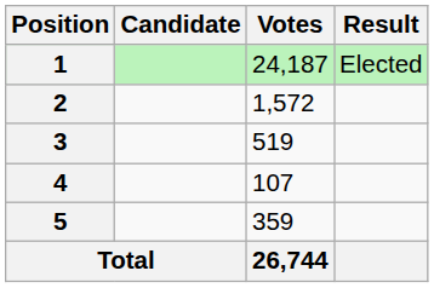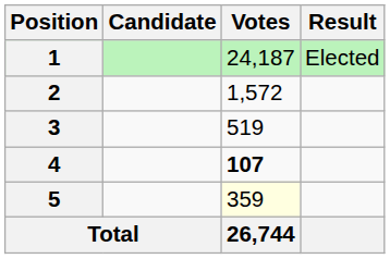 <table class="wikitable sortable col3right">
 <tr>
 <th scope="col">Position</th>
 <th scope="col">Candidate</th>
 <th scope="col">Votes</th>
 <th scope="col">Result</th>
 </tr>
 <tr bgcolor=bbf3bb>
 <th scope="row">1</th>
 <td></td>
 <td>24,187</td>
 <td>Elected</td>
 </tr>
 <tr>
 <th scope="row">2</th>
 <td></td>
 <td>1,572</td>
 <td></td>
 </tr>
 <tr>
 <th scope="row">3</th>
 <td></td>
 <td>519</td>
 <td></td>
 </tr>
 <tr>
 <th scope="row">4</th>
 <td></td>
-<td>107</td>
+<td><strong>107</strong></td>
 <td></td>
 </tr>
 <tr>
 <th scope="row">5</th>
 <td></td>
-<td>359</td>
+<td style="background: lightyellow;">359</td>
 <td></td>
 </tr>
 <tr class=sortbottom>
 <th scope="row" colspan="2">Total</th>
 <th style="text-align:right">26,744</th>
 <th></th>
 </tr>
 </table>
